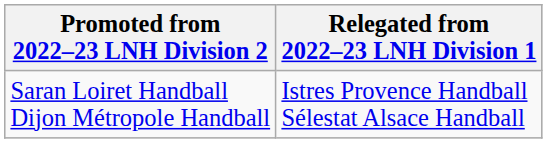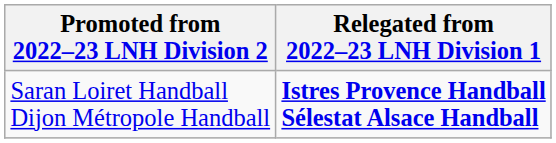 <table class="wikitable">
 <tr>
 <th>Promoted from<br><a href='#'>2022–23 LNH Division 2</a></th>
 <th>Relegated from<br><a href='#'>2022–23 LNH Division 1</a></th>
 </tr>
 <tr>
 <td><a href='#'>Saran Loiret Handball</a><br><a href='#'>Dijon Métropole Handball</a></td>
-<td><a href='#'>Istres Provence Handball</a><br><a href='#'>Sélestat Alsace Handball</a></td>
+<td><strong><a href='#'>Istres Provence Handball</a><br><a href='#'>Sélestat Alsace Handball</a></strong></td>
 </tr>
 </table>
